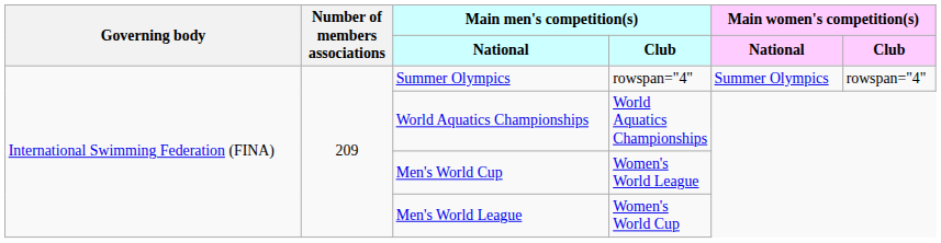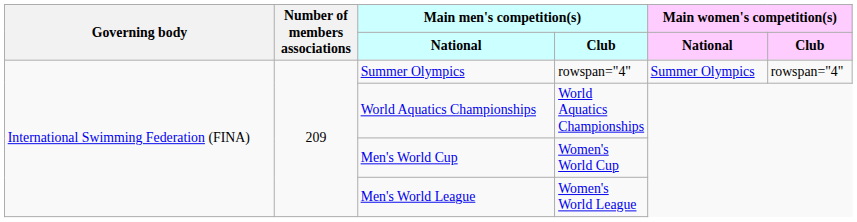 <table class="wikitable" style="text-align: left; font-size: 90%; margin-left: auto; margin-right: auto; border: none;">
 <tr>
 <th rowspan="2">Governing body</th>
 <th rowspan="2">Number of<br>members<br>associations</th>
 <th colspan="2" style="background-color: #ccffff;">Main men's competition(s)</th>
 <th colspan="2" style="background-color: #ffccff;">Main women's competition(s)</th>
 </tr>
 <tr>
 <th style="background-color: #ccffff;">National</th>
 <th style="width: 10%; background-color: #ccffff;">Club</th>
 <th style="background-color: #ffccff;">National</th>
 <th style="width: 10%; background-color: #ffccff;">Club</th>
 </tr>
 <tr>
 <td rowspan="4"><a href='#'>International Swimming Federation</a> (FINA)</td>
 <td rowspan="4" style="text-align: center;">209</td>
 <td><a href='#'>Summer Olympics</a></td>
 <td>rowspan="4" </td>
 <td><a href='#'>Summer Olympics</a></td>
 <td>rowspan="4" </td>
 </tr>
 <tr>
 <td><a href='#'>World Aquatics Championships</a></td>
 <td><a href='#'>World Aquatics Championships</a></td>
 </tr>
 <tr>
 <td><a href='#'>Men's World Cup</a></td>
-<td><a href='#'>Women's World League</a></td>
+<td><a href='#'>Women's World Cup</a></td>
 </tr>
 <tr>
 <td><a href='#'>Men's World League</a></td>
-<td><a href='#'>Women's World Cup</a></td>
+<td><a href='#'>Women's World League</a></td>
 </tr>
 </table>
